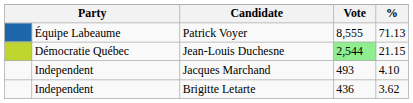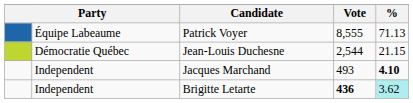 <table class="wikitable">
 <tr>
 </tr>
 <tr>
 <th bgcolor="#DDDDFF" width="230px" colspan="2">Party</th>
 <th bgcolor="#DDDDFF" width="200px">Candidate</th>
 <th bgcolor="#DDDDFF" width="50px">Vote</th>
 <th bgcolor="#DDDDFF" width="30px">%</th>
 </tr>
 <tr>
 <td bgcolor=#1D66A9 width="30px"> </td>
 <td>Équipe Labeaume</td>
 <td>Patrick Voyer</td>
 <td>8,555</td>
 <td>71.13</td>
 </tr>
 <tr>
 <td bgcolor=#BFD630 width="30px"> </td>
 <td>Démocratie Québec</td>
 <td>Jean-Louis Duchesne</td>
-<td style="background: lightgreen;">2,544</td>
+<td>2,544</td>
 <td>21.15</td>
 </tr>
 <tr>
 <td> </td>
 <td>Independent</td>
 <td>Jacques Marchand</td>
 <td>493</td>
-<td>4.10</td>
+<td><strong>4.10</strong></td>
 </tr>
 <tr>
 <td> </td>
 <td>Independent</td>
 <td>Brigitte Letarte</td>
-<td>436</td>
-<td>3.62</td>
+<td><strong>436</strong></td>
+<td style="background: paleturquoise;">3.62</td>
 </tr>
 </table>
